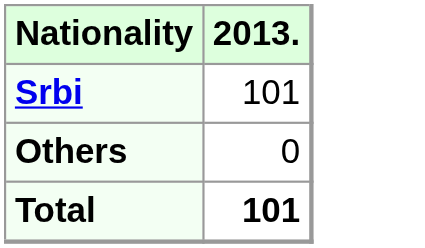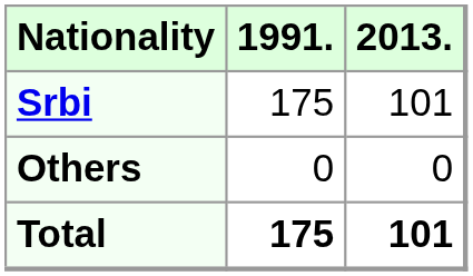 <table border=1 cellpadding=4 cellspacing=0 class="toccolours" style="align: left; margin: 0.5em 0 0 0; border-style: solid; border: 1px solid #999; border-right-width: 2px; border-bottom-width: 2px; border-collapse: collapse; font-size: 100%;">
 <tr>
 <td style="background:#ddffdd;"><strong>Nationality</strong></td>
+<td colspan=1 style="background:#ddffdd;" align="center"><strong>1991.</strong></td>
 <td colspan=1 style="background:#ddffdd;" align="center"><strong>2013.</strong></td>
 </tr>
 <tr>
 <td style="background:#f3fff3;"><strong><a href='#'>Srbi</a></strong></td>
+<td align="right">175</td>
 <td align="right">101</td>
 </tr>
 <tr>
 <td style="background:#f3fff3;"><strong>Others</strong></td>
 <td align="right">0</td>
+<td align="right">0</td>
 </tr>
 <tr>
 <td style="background:#f3fff3;"><strong>Total</strong></td>
+<td align="right"><strong>175</strong></td>
 <td align="right"><strong>101</strong></td>
 </tr>
 </table>
